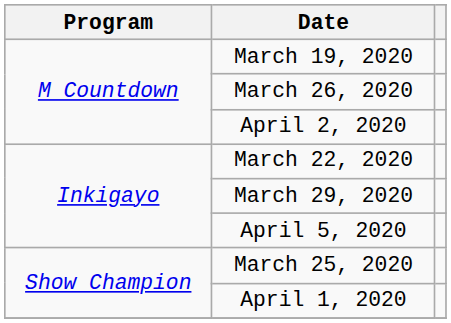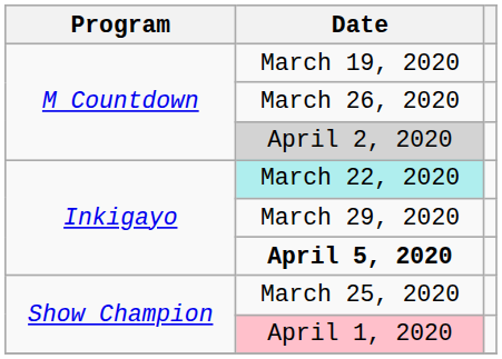 <table class="wikitable sortable" style="text-align:center;">
 <tr>
 <th style="width:120px;">Program</th>
 <th style="width:130px;">Date</th>
 <th class=unsortable></th>
 </tr>
 <tr>
 <td rowspan="3"><em><a href='#'>M Countdown</a></em></td>
 <td>March 19, 2020</td>
 <td></td>
 </tr>
 <tr>
 <td>March 26, 2020</td>
 <td></td>
 </tr>
 <tr>
-<td>April 2, 2020</td>
+<td style="background: lightgrey;">April 2, 2020</td>
 <td></td>
 </tr>
 <tr>
 <td rowspan="3"><em><a href='#'>Inkigayo</a></em></td>
-<td>March 22, 2020</td>
+<td style="background: paleturquoise;">March 22, 2020</td>
 <td></td>
 </tr>
 <tr>
 <td>March 29, 2020</td>
 <td></td>
 </tr>
 <tr>
-<td>April 5, 2020</td>
+<td><strong>April 5, 2020</strong></td>
 <td></td>
 </tr>
 <tr>
 <td rowspan="2"><em><a href='#'>Show Champion</a></em></td>
 <td>March 25, 2020</td>
 <td></td>
 </tr>
 <tr>
-<td>April 1, 2020</td>
+<td style="background: pink;">April 1, 2020</td>
 <td></td>
 </tr>
 <tr>
 </tr>
 </table>
